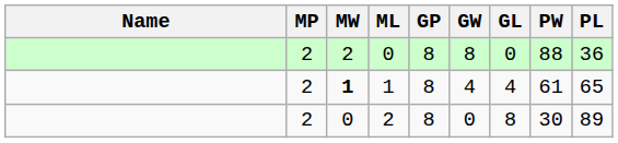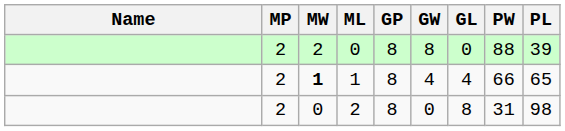 <table class=wikitable style="text-align:center">
 <tr>
 <th width=175>Name</th>
 <th width=20>MP</th>
 <th width=20>MW</th>
 <th width=20>ML</th>
 <th width=20>GP</th>
 <th width=20>GW</th>
 <th width=20>GL</th>
 <th width=20>PW</th>
 <th width=20>PL</th>
 </tr>
 <tr style="background-color:#ccffcc;">
 <td style="text-align:left;"><strong></strong></td>
 <td>2</td>
 <td>2</td>
 <td>0</td>
 <td>8</td>
 <td>8</td>
 <td>0</td>
 <td>88</td>
-<td>36</td>
+<td>39</td>
 </tr>
 <tr>
 <td style="text-align:left;"></td>
 <td>2</td>
 <td><strong>1</strong></td>
 <td>1</td>
 <td>8</td>
 <td>4</td>
 <td>4</td>
-<td>61</td>
+<td>66</td>
 <td>65</td>
 </tr>
 <tr>
 <td style="text-align:left;"></td>
 <td>2</td>
 <td>0</td>
 <td>2</td>
 <td>8</td>
 <td>0</td>
 <td>8</td>
-<td>30</td>
-<td>89</td>
+<td>31</td>
+<td>98</td>
 </tr>
 </table>
